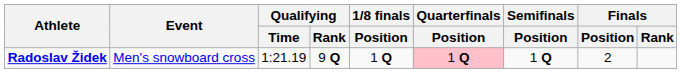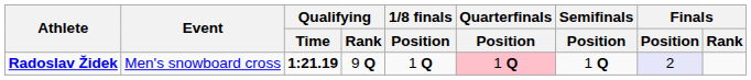 <table class="wikitable" style="font-size:90%">
 <tr>
 <th rowspan="2">Athlete</th>
 <th rowspan="2">Event</th>
 <th colspan="2">Qualifying</th>
 <th>1/8 finals</th>
 <th>Quarterfinals</th>
 <th>Semifinals</th>
 <th colspan=2>Finals</th>
 </tr>
 <tr>
 <th>Time</th>
 <th>Rank</th>
 <th>Position</th>
 <th>Position</th>
 <th>Position</th>
 <th>Position</th>
 <th>Rank</th>
 </tr>
 <tr>
 <td><strong><a href='#'>Radoslav Židek</a></strong></td>
 <td><a href='#'>Men's snowboard cross</a></td>
-<td align="center">1:21.19</td>
+<td align="center"><strong>1:21.19</strong></td>
 <td align="center">9 <strong>Q</strong></td>
 <td align="center">1 <strong>Q</strong></td>
 <td align="center" style="background: pink;">1 <strong>Q</strong></td>
 <td align="center">1 <strong>Q</strong></td>
-<td align="center">2</td>
+<td align="center" style="background: lavender;">2</td>
 <td align="center"></td>
 </tr>
 </table>
